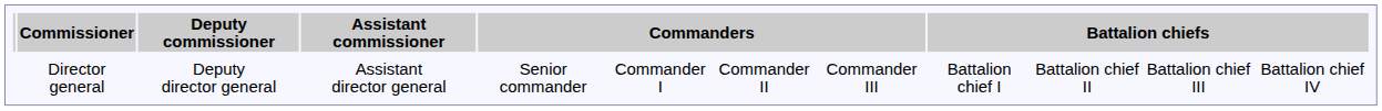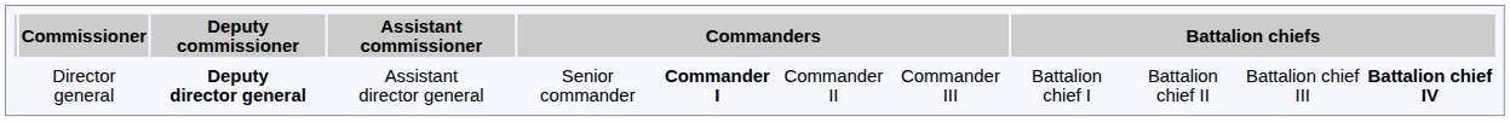 <table style="border:1px solid #8888aa; background-color:#f7f8ff; padding:5px; font-size:95%; margin: 0px 12px 12px 0px; width: 100%;">
 <tr style="background-color:#CCCCCC; width: 100%">
 <th></th>
 <th>Commissioner</th>
 <th>Deputy commissioner</th>
 <th>Assistant commissioner</th>
 <th colspan=4>Commanders</th>
 <th colspan=4>Battalion chiefs</th>
 </tr>
 <tr style="text-align:center;">
 <td rowspan="2"></td>
 <td></td>
 <td></td>
 <td></td>
 <td></td>
 <td></td>
 <td></td>
 <td></td>
 <td></td>
 <td></td>
 <td></td>
 <td></td>
 </tr>
 <tr style="text-align:center;">
 <td>Director general</td>
-<td>Deputy<br>director general</td>
+<td><strong>Deputy<br>director general</strong></td>
 <td>Assistant<br>director general</td>
 <td>Senior commander</td>
-<td>Commander I</td>
+<td><strong>Commander I</strong></td>
 <td>Commander II</td>
 <td>Commander III</td>
 <td>Battalion chief I</td>
 <td>Battalion chief II</td>
 <td>Battalion chief III</td>
-<td>Battalion chief IV</td>
+<td><strong>Battalion chief IV</strong></td>
 </tr>
 </table>
